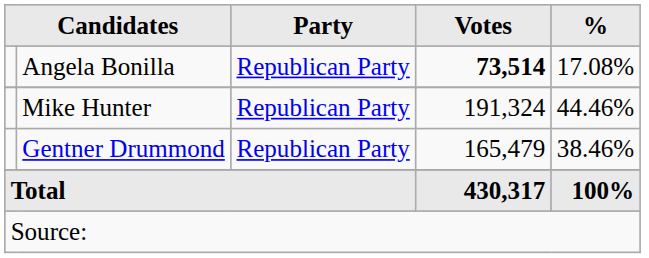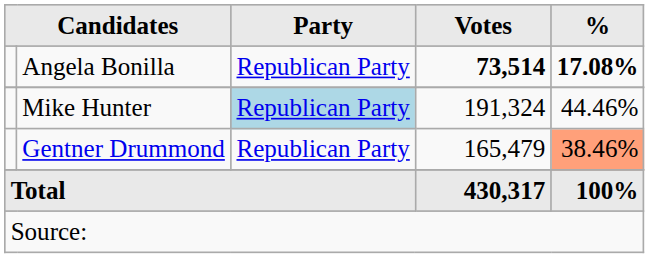 <table class=wikitable style="font-size:95%; text-align:right;">
 <tr>
 <th style="background:#e9e9e9; text-align:center;" colspan="2">Candidates</th>
 <th style="background:#e9e9e9; text-align:center;">Party</th>
 <th style="background:#e9e9e9; text-align:center;">Votes</th>
 <th style="background:#e9e9e9; text-align:center;">%</th>
 </tr>
 <tr>
 <td></td>
 <td align=left>Angela Bonilla</td>
 <td align=center><a href='#'>Republican Party</a></td>
 <td><strong>73,514</strong></td>
-<td>17.08%</td>
+<td><strong>17.08%</strong></td>
 </tr>
 <tr>
 </tr>
 <tr>
 <td></td>
 <td align=left>Mike Hunter</td>
-<td align=center><a href='#'>Republican Party</a></td>
+<td align=center style="background: lightblue;"><a href='#'>Republican Party</a></td>
 <td>191,324</td>
 <td>44.46%</td>
 </tr>
 <tr>
 <td></td>
 <td align=left><a href='#'>Gentner Drummond</a></td>
 <td align=center><a href='#'>Republican Party</a></td>
 <td>165,479</td>
-<td>38.46%</td>
+<td style="background: lightsalmon;">38.46%</td>
 </tr>
 <tr>
 </tr>
 <tr style="background:#e9e9e9;">
 <td colspan="3" style="text-align:left; "><strong>Total</strong></td>
 <td style="text-align:right; width:75px; "><strong>430,317</strong></td>
 <td style="text-align:right; width:30px; "><strong>100%</strong></td>
 </tr>
 <tr>
 <td style="text-align:left;" colspan="6">Source: </td>
 </tr>
 </table>
